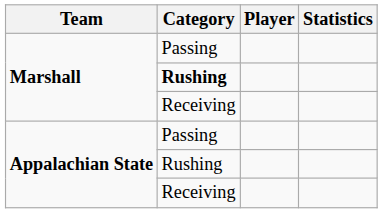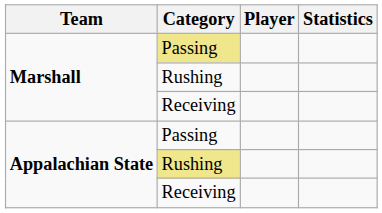 <table class="wikitable" style="float: right;">
 <tr>
 <th>Team</th>
 <th>Category</th>
 <th>Player</th>
 <th>Statistics</th>
 </tr>
 <tr>
 <td rowspan=3><strong>Marshall</strong></td>
-<td>Passing</td>
+<td style="background: khaki;">Passing</td>
 <td></td>
 <td></td>
 </tr>
 <tr>
-<td><strong>Rushing</strong></td>
+<td>Rushing</td>
 <td></td>
 <td></td>
 </tr>
 <tr>
 <td>Receiving</td>
 <td></td>
 <td></td>
 </tr>
 <tr>
 <td rowspan=3><strong>Appalachian State</strong></td>
 <td>Passing</td>
 <td></td>
 <td></td>
 </tr>
 <tr>
-<td>Rushing</td>
+<td style="background: khaki;">Rushing</td>
 <td></td>
 <td></td>
 </tr>
 <tr>
 <td>Receiving</td>
 <td></td>
 <td></td>
 </tr>
 </table>
